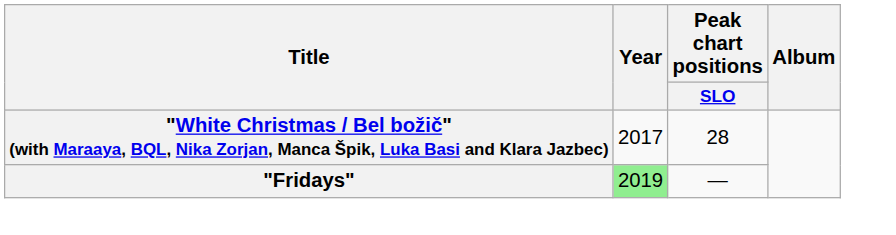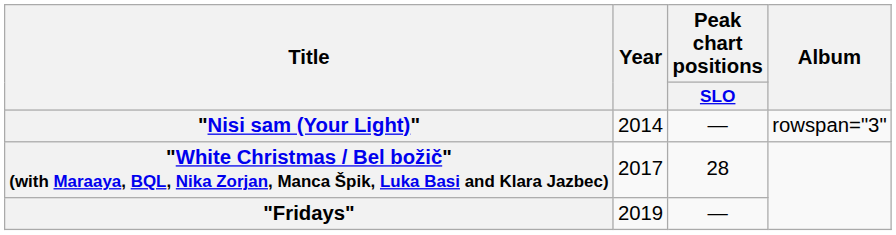 <table class="wikitable plainrowheaders" style="text-align:center;">
 <tr>
 <th scope="col" rowspan="2">Title</th>
 <th scope="col" rowspan="2">Year</th>
 <th scope="col" colspan="1">Peak chart positions</th>
 <th scope="col" rowspan="2">Album</th>
 </tr>
 <tr>
 <th scope="col" style="width:3em; font-size:85%;"><a href='#'>SLO</a></th>
 </tr>
 <tr>
+<th scope="row">"<a href='#'>Nisi sam (Your Light)</a>"</th>
+<td rowspan="1">2014</td>
+<td>—</td>
+<td>rowspan="3" </td>
+</tr>
+<tr>
 <th scope="row">"<a href='#'>White Christmas / Bel božič</a>"<br><small>(with <a href='#'>Maraaya</a>, <a href='#'>BQL</a>, <a href='#'>Nika Zorjan</a>, Manca Špik, <a href='#'>Luka Basi</a> and Klara Jazbec)</small></th>
 <td rowspan="1">2017</td>
 <td>28</td>
 </tr>
 <tr>
 <th scope="row">"Fridays"</th>
-<td rowspan="1" style="background: lightgreen;">2019</td>
+<td rowspan="1">2019</td>
 <td>—</td>
 </tr>
 </table>
